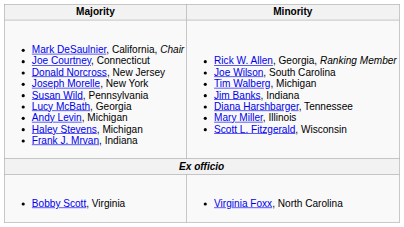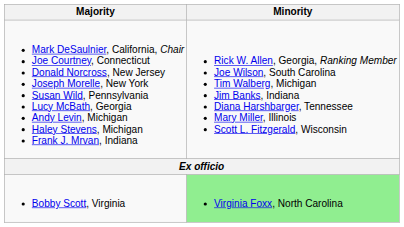 <table class=wikitable>
 <tr>
 <th>Majority</th>
 <th>Minority</th>
 </tr>
 <tr>
 <td><br><ul><li><a href='#'>Mark DeSaulnier</a>, California, <em>Chair</em></li><li><a href='#'>Joe Courtney</a>, Connecticut</li><li><a href='#'>Donald Norcross</a>, New Jersey</li><li><a href='#'>Joseph Morelle</a>, New York</li><li><a href='#'>Susan Wild</a>, Pennsylvania</li><li><a href='#'>Lucy McBath</a>, Georgia</li><li><a href='#'>Andy Levin</a>, Michigan</li><li><a href='#'>Haley Stevens</a>, Michigan</li><li><a href='#'>Frank J. Mrvan</a>, Indiana</li></ul></td>
 <td><br><ul><li><a href='#'>Rick W. Allen</a>, Georgia, <em>Ranking Member</em></li><li><a href='#'>Joe Wilson</a>, South Carolina</li><li><a href='#'>Tim Walberg</a>, Michigan</li><li><a href='#'>Jim Banks</a>, Indiana</li><li><a href='#'>Diana Harshbarger</a>, Tennessee</li><li><a href='#'>Mary Miller</a>, Illinois</li><li><a href='#'>Scott L. Fitzgerald</a>, Wisconsin</li></ul></td>
 </tr>
 <tr>
 <th colspan=2><em>Ex officio</em></th>
 </tr>
 <tr>
 <td><br><ul><li><a href='#'>Bobby Scott</a>, Virginia</li></ul></td>
-<td><br><ul><li><a href='#'>Virginia Foxx</a>, North Carolina</li></ul></td>
+<td style="background: lightgreen;"><br><ul><li><a href='#'>Virginia Foxx</a>, North Carolina</li></ul></td>
 </tr>
 </table>
